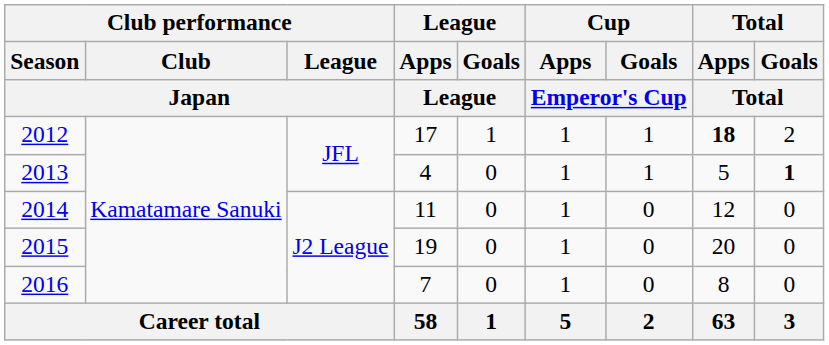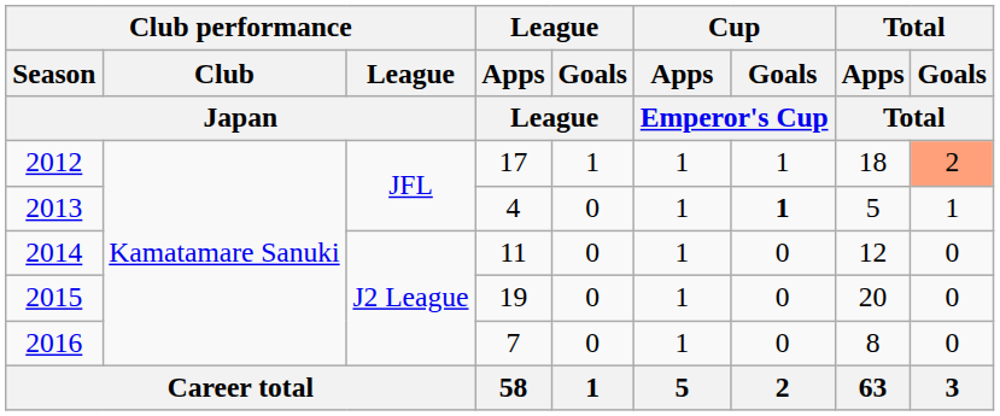 <table class="wikitable" style="text-align:center">
 <tr>
 <th colspan=3>Club performance</th>
 <th colspan=2>League</th>
 <th colspan=2>Cup</th>
 <th colspan=2>Total</th>
 </tr>
 <tr>
 <th>Season</th>
 <th>Club</th>
 <th>League</th>
 <th>Apps</th>
 <th>Goals</th>
 <th>Apps</th>
 <th>Goals</th>
 <th>Apps</th>
 <th>Goals</th>
 </tr>
 <tr>
 <th colspan=3>Japan</th>
 <th colspan=2>League</th>
 <th colspan=2><a href='#'>Emperor's Cup</a></th>
 <th colspan=2>Total</th>
 </tr>
 <tr>
 <td><a href='#'>2012</a></td>
 <td rowspan="5"><a href='#'>Kamatamare Sanuki</a></td>
 <td rowspan="2"><a href='#'>JFL</a></td>
 <td>17</td>
 <td>1</td>
 <td>1</td>
 <td>1</td>
-<td><strong>18</strong></td>
-<td>2</td>
+<td>18</td>
+<td style="background: lightsalmon;">2</td>
 </tr>
 <tr>
 <td><a href='#'>2013</a></td>
 <td>4</td>
 <td>0</td>
 <td>1</td>
+<td><strong>1</strong></td>
+<td>5</td>
 <td>1</td>
-<td>5</td>
-<td><strong>1</strong></td>
 </tr>
 <tr>
 <td><a href='#'>2014</a></td>
 <td rowspan="3"><a href='#'>J2 League</a></td>
 <td>11</td>
 <td>0</td>
 <td>1</td>
 <td>0</td>
 <td>12</td>
 <td>0</td>
 </tr>
 <tr>
 <td><a href='#'>2015</a></td>
 <td>19</td>
 <td>0</td>
 <td>1</td>
 <td>0</td>
 <td>20</td>
 <td>0</td>
 </tr>
 <tr>
 <td><a href='#'>2016</a></td>
 <td>7</td>
 <td>0</td>
 <td>1</td>
 <td>0</td>
 <td>8</td>
 <td>0</td>
 </tr>
 <tr>
 <th colspan=3>Career total</th>
 <th>58</th>
 <th>1</th>
 <th>5</th>
 <th>2</th>
 <th>63</th>
 <th>3</th>
 </tr>
 </table>
